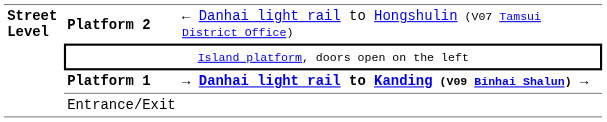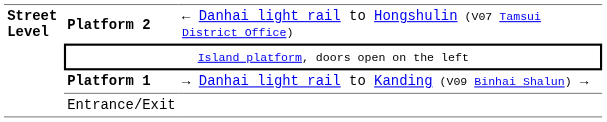 <table table border=0 cellspacing=0 cellpadding=3>
 <tr>
 <td style="border-top:solid 1px gray;border-bottom:solid 1px gray;" width=50 rowspan=10 valign=top><strong>Street Level</strong></td>
 </tr>
 <tr>
 <td style="border-bottom:solid 0px gray;border-top:solid 1px gray;" width=100><strong>Platform 2</strong></td>
 <td style="border-bottom:solid 0px gray;border-top:solid 1px gray;" width=390>←  <a href='#'>Danhai light rail</a> to <a href='#'>Hongshulin</a><small> (V07 <a href='#'>Tamsui District Office</a>)</small></td>
 </tr>
 <tr>
 <td style="border-top:solid 2px black;border-right:solid 2px black;border-left:solid 2px black;border-bottom:solid 2px black;text-align:center;" colspan=2><small><a href='#'>Island platform</a>, doors open on the left</small></td>
 </tr>
 <tr>
 <td style="border-bottom:solid 1px gray;"><strong>Platform 1</strong></td>
-<td style="border-bottom:solid 1px gray;"><strong><span>→</span>  <a href='#'>Danhai light rail</a> to <a href='#'>Kanding</a><small> (V09 <a href='#'>Binhai Shalun</a>)</small> →</strong></td>
+<td style="border-bottom:solid 1px gray;"><span>→</span>  <a href='#'>Danhai light rail</a> to <a href='#'>Kanding</a><small> (V09 <a href='#'>Binhai Shalun</a>)</small> →</td>
 </tr>
 <tr>
 <td style="border-bottom:solid 1px gray;" width=100 rowspan=2 valign=top>Entrance/Exit</td>
 <td style="border-bottom:solid 1px gray;" width=390 rowspan=2 valign=top></td>
 </tr>
 </table>
